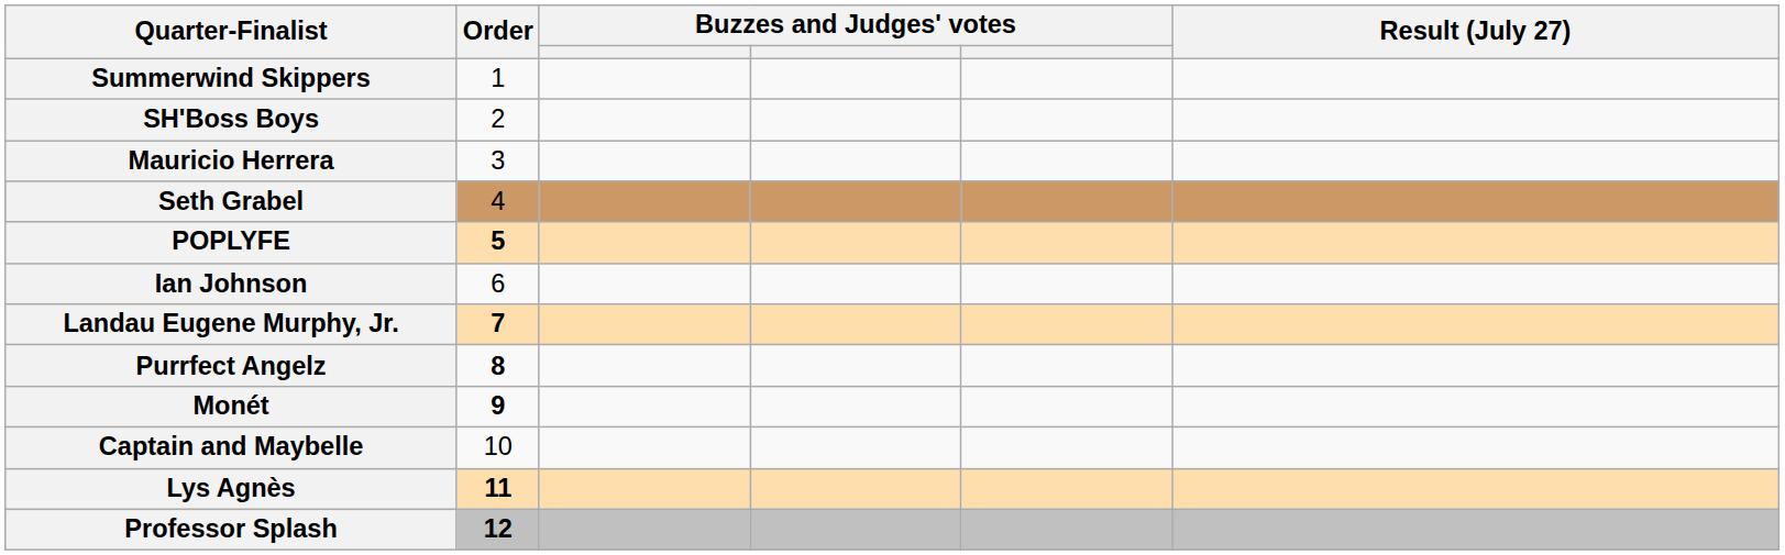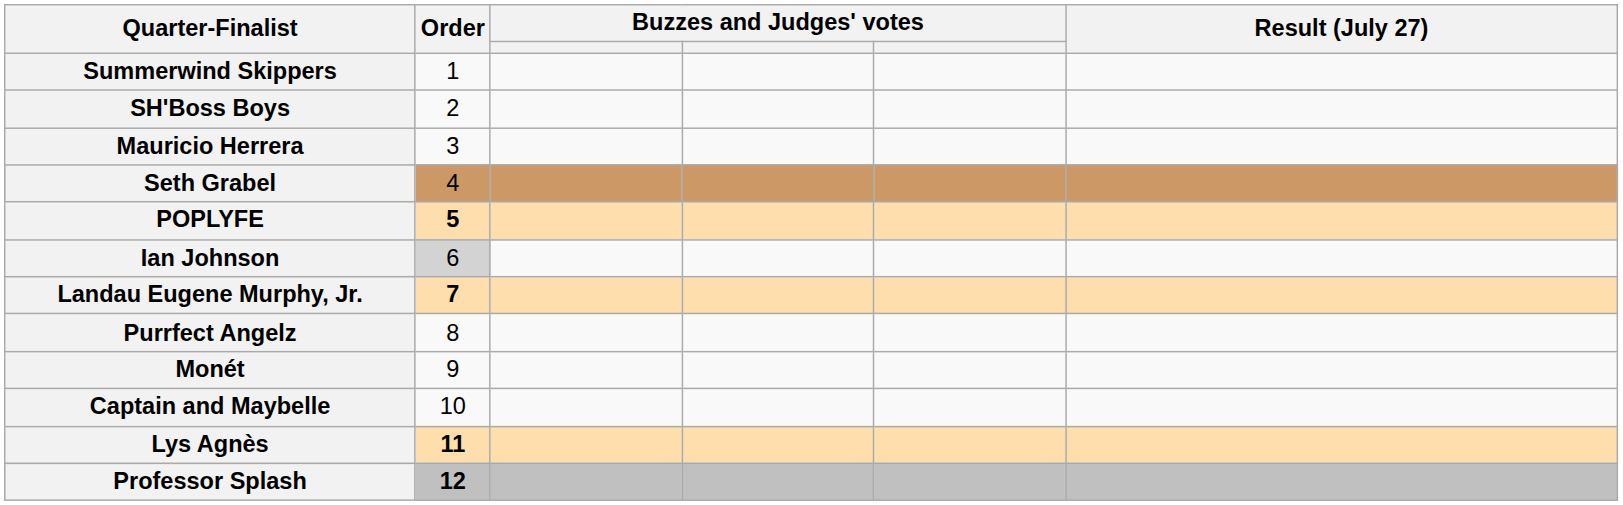 <table class="wikitable plainrowheaders sortable" style="text-align:center;">
 <tr>
 <th scope="col" rowspan="2" class="unsortable" style="width:17em;">Quarter-Finalist</th>
 <th scope="col" rowspan="2" style="width:1em;">Order</th>
 <th scope="col" colspan="3" class="unsortable" style="width:24em;">Buzzes and Judges' votes</th>
 <th scope="col" rowspan="2" style="width:23em;">Result (July 27)</th>
 </tr>
 <tr>
 <th scope="col" class="unsortable" style="width:6em;"></th>
 <th scope="col" class="unsortable" style="width:6em;"></th>
 <th scope="col" class="unsortable" style="width:6em;"></th>
 </tr>
 <tr>
 <th scope="row">Summerwind Skippers</th>
 <td>1</td>
 <td style="text-align:center;"></td>
 <td style="text-align:center;"></td>
 <td style="text-align:center;"></td>
 <td></td>
 </tr>
 <tr>
 <th scope="row">SH'Boss Boys</th>
 <td>2</td>
 <td style="text-align:center;"></td>
 <td style="text-align:center;"></td>
 <td style="text-align:center;"></td>
 <td></td>
 </tr>
 <tr>
 <th scope="row">Mauricio Herrera</th>
 <td>3</td>
 <td style="text-align:center;"></td>
 <td style="text-align:center;"></td>
 <td style="text-align:center;"></td>
 <td></td>
 </tr>
 <tr style="background:#c96;">
 <th scope="row">Seth Grabel</th>
 <td>4</td>
 <td style="text-align:center;"></td>
 <td style="text-align:center;"></td>
 <td style="text-align:center;"></td>
 <td></td>
 </tr>
 <tr style="background:NavajoWhite;">
 <th scope="row"><strong>POPLYFE</strong></th>
 <td><strong>5</strong></td>
 <td style="text-align:center;"></td>
 <td style="text-align:center;"></td>
 <td style="text-align:center;"></td>
 <td><strong></strong></td>
 </tr>
 <tr>
 <th scope="row">Ian Johnson</th>
-<td>6</td>
+<td style="background: lightgrey;">6</td>
 <td style="text-align:center;"></td>
 <td style="text-align:center;"></td>
 <td style="text-align:center;"></td>
 <td></td>
 </tr>
 <tr style="background:NavajoWhite;">
 <th scope="row"><strong>Landau Eugene Murphy, Jr.</strong></th>
 <td><strong>7</strong></td>
 <td style="text-align:center;"></td>
 <td style="text-align:center;"></td>
 <td style="text-align:center;"></td>
 <td><strong></strong></td>
 </tr>
 <tr>
 <th scope="row">Purrfect Angelz</th>
-<td><strong>8</strong></td>
+<td>8</td>
 <td style="text-align:center;"></td>
 <td style="text-align:center;"></td>
 <td style="text-align:center;"></td>
 <td></td>
 </tr>
 <tr>
 <th scope="row">Monét</th>
-<td><strong>9</strong></td>
+<td>9</td>
 <td style="text-align:center;"></td>
 <td style="text-align:center;"></td>
 <td style="text-align:center;"></td>
 <td></td>
 </tr>
 <tr>
 <th scope="row">Captain and Maybelle</th>
 <td>10</td>
 <td style="text-align:center;"></td>
 <td style="text-align:center;"></td>
 <td style="text-align:center;"></td>
 <td></td>
 </tr>
 <tr style="background:NavajoWhite;">
 <th scope="row"><strong>Lys Agnès</strong></th>
 <td><strong>11</strong></td>
 <td style="text-align:center;"></td>
 <td style="text-align:center;"></td>
 <td style="text-align:center;"></td>
 <td><strong></strong></td>
 </tr>
 <tr style="background:Silver;">
 <th scope="row"><strong>Professor Splash</strong></th>
 <td><strong>12</strong></td>
 <td style="text-align:center;"></td>
 <td style="text-align:center;"></td>
 <td style="text-align:center;"></td>
 <td><strong></strong></td>
 </tr>
 </table>
